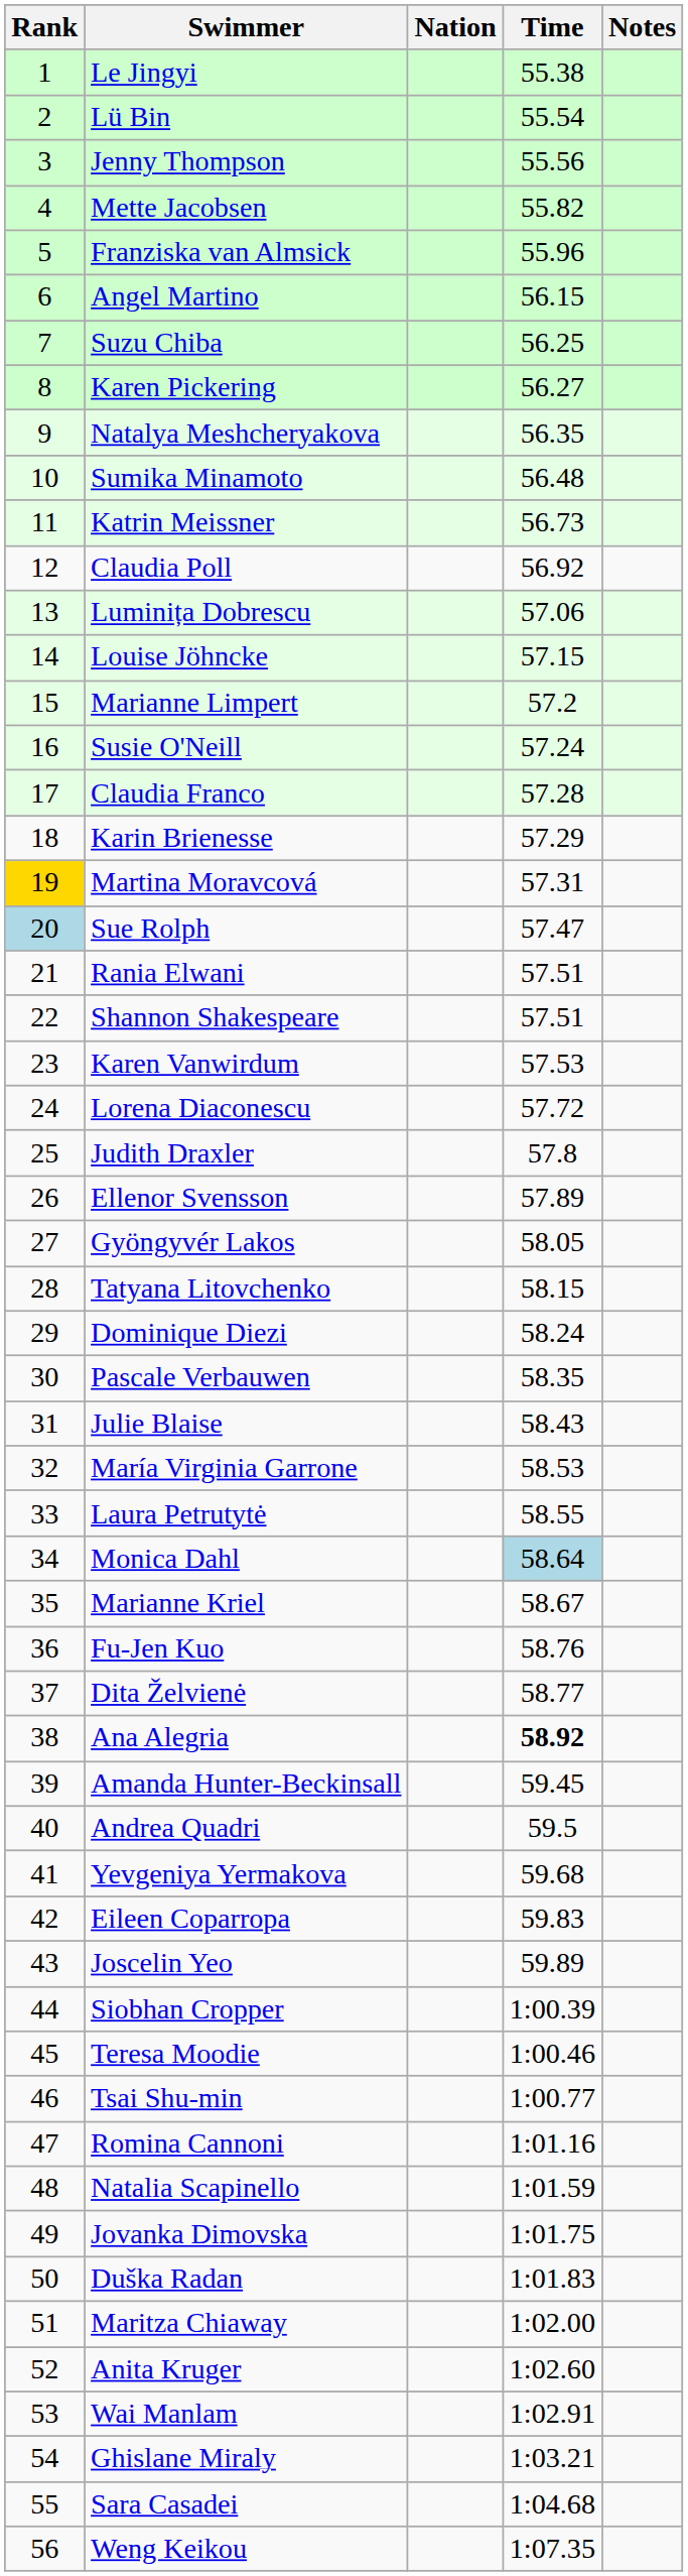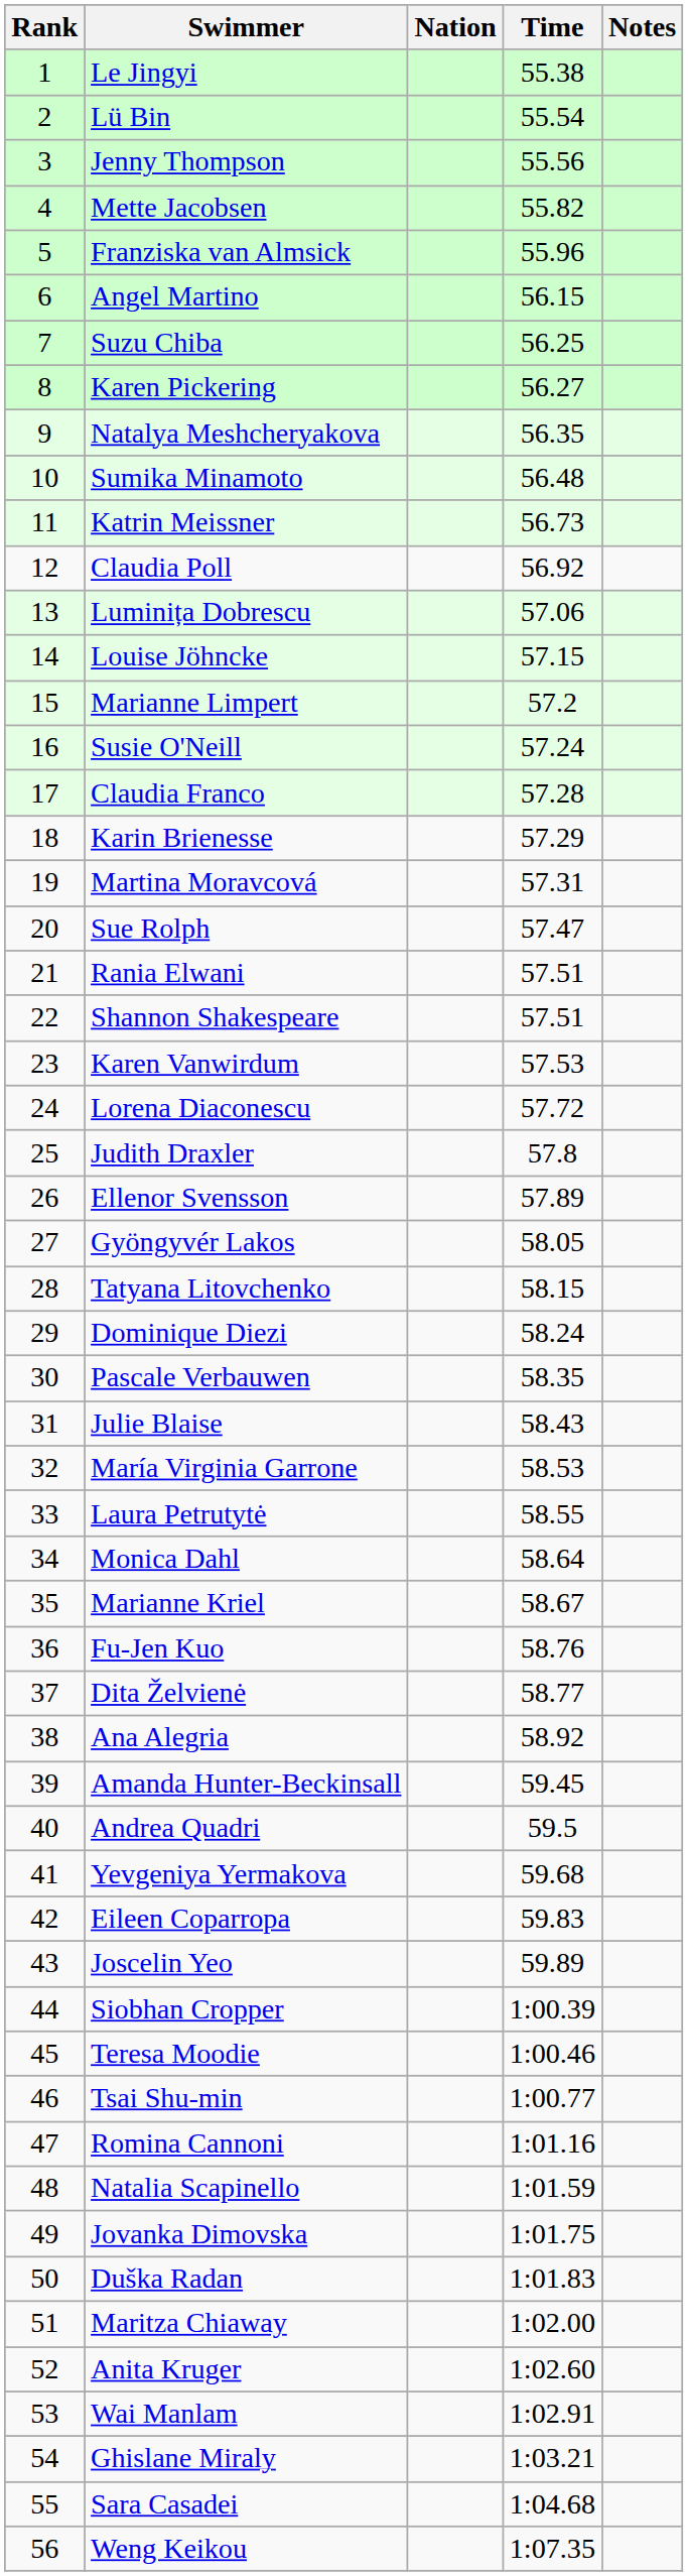 <table class="wikitable sortable" style="text-align:center">
 <tr>
 <th>Rank</th>
 <th>Swimmer</th>
 <th>Nation</th>
 <th>Time</th>
 <th>Notes</th>
 </tr>
 <tr bgcolor=ccffcc>
 <td>1</td>
 <td align=left><a href='#'>Le Jingyi</a></td>
 <td align=left></td>
 <td>55.38</td>
 <td></td>
 </tr>
 <tr bgcolor=ccffcc>
 <td>2</td>
 <td align=left><a href='#'>Lü Bin</a></td>
 <td align=left></td>
 <td>55.54</td>
 <td></td>
 </tr>
 <tr bgcolor=ccffcc>
 <td>3</td>
 <td align=left><a href='#'>Jenny Thompson</a></td>
 <td align=left></td>
 <td>55.56</td>
 <td></td>
 </tr>
 <tr bgcolor=ccffcc>
 <td>4</td>
 <td align=left><a href='#'>Mette Jacobsen</a></td>
 <td align=left></td>
 <td>55.82</td>
 <td></td>
 </tr>
 <tr bgcolor=ccffcc>
 <td>5</td>
 <td align=left><a href='#'>Franziska van Almsick</a></td>
 <td align=left></td>
 <td>55.96</td>
 <td></td>
 </tr>
 <tr bgcolor=ccffcc>
 <td>6</td>
 <td align=left><a href='#'>Angel Martino</a></td>
 <td align=left></td>
 <td>56.15</td>
 <td></td>
 </tr>
 <tr bgcolor=ccffcc>
 <td>7</td>
 <td align=left><a href='#'>Suzu Chiba</a></td>
 <td align=left></td>
 <td>56.25</td>
 <td></td>
 </tr>
 <tr bgcolor=ccffcc>
 <td>8</td>
 <td align=left><a href='#'>Karen Pickering</a></td>
 <td align=left></td>
 <td>56.27</td>
 <td></td>
 </tr>
 <tr bgcolor=e5ffe5>
 <td>9</td>
 <td align=left><a href='#'>Natalya Meshcheryakova</a></td>
 <td align=left></td>
 <td>56.35</td>
 <td></td>
 </tr>
 <tr bgcolor=e5ffe5>
 <td>10</td>
 <td align=left><a href='#'>Sumika Minamoto</a></td>
 <td align=left></td>
 <td>56.48</td>
 <td></td>
 </tr>
 <tr bgcolor=e5ffe5>
 <td>11</td>
 <td align=left><a href='#'>Katrin Meissner</a></td>
 <td align=left></td>
 <td>56.73</td>
 <td></td>
 </tr>
 <tr>
 <td>12</td>
 <td align=left><a href='#'>Claudia Poll</a></td>
 <td align=left></td>
 <td>56.92</td>
 <td></td>
 </tr>
 <tr bgcolor=e5ffe5>
 <td>13</td>
 <td align=left><a href='#'>Luminița Dobrescu</a></td>
 <td align=left></td>
 <td>57.06</td>
 <td></td>
 </tr>
 <tr bgcolor=e5ffe5>
 <td>14</td>
 <td align=left><a href='#'>Louise Jöhncke</a></td>
 <td align=left></td>
 <td>57.15</td>
 <td></td>
 </tr>
 <tr bgcolor=e5ffe5>
 <td>15</td>
 <td align=left><a href='#'>Marianne Limpert</a></td>
 <td align=left></td>
 <td>57.2</td>
 <td></td>
 </tr>
 <tr bgcolor=e5ffe5>
 <td>16</td>
 <td align=left><a href='#'>Susie O'Neill</a></td>
 <td align=left></td>
 <td>57.24</td>
 <td></td>
 </tr>
 <tr bgcolor=e5ffe5>
 <td>17</td>
 <td align=left><a href='#'>Claudia Franco</a></td>
 <td align=left></td>
 <td>57.28</td>
 <td></td>
 </tr>
 <tr>
 <td>18</td>
 <td align=left><a href='#'>Karin Brienesse</a></td>
 <td align=left></td>
 <td>57.29</td>
 <td></td>
 </tr>
 <tr>
-<td style="background: gold;">19</td>
+<td>19</td>
 <td align=left><a href='#'>Martina Moravcová</a></td>
 <td align=left></td>
 <td>57.31</td>
 <td></td>
 </tr>
 <tr>
-<td style="background: lightblue;">20</td>
+<td>20</td>
 <td align=left><a href='#'>Sue Rolph</a></td>
 <td align=left></td>
 <td>57.47</td>
 <td></td>
 </tr>
 <tr>
 <td>21</td>
 <td align=left><a href='#'>Rania Elwani</a></td>
 <td align=left></td>
 <td>57.51</td>
 <td></td>
 </tr>
 <tr>
 <td>22</td>
 <td align=left><a href='#'>Shannon Shakespeare</a></td>
 <td align=left></td>
 <td>57.51</td>
 <td></td>
 </tr>
 <tr>
 <td>23</td>
 <td align=left><a href='#'>Karen Vanwirdum</a></td>
 <td align=left></td>
 <td>57.53</td>
 <td></td>
 </tr>
 <tr>
 <td>24</td>
 <td align=left><a href='#'>Lorena Diaconescu</a></td>
 <td align=left></td>
 <td>57.72</td>
 <td></td>
 </tr>
 <tr>
 <td>25</td>
 <td align=left><a href='#'>Judith Draxler</a></td>
 <td align=left></td>
 <td>57.8</td>
 <td></td>
 </tr>
 <tr>
 <td>26</td>
 <td align=left><a href='#'>Ellenor Svensson</a></td>
 <td align=left></td>
 <td>57.89</td>
 <td></td>
 </tr>
 <tr>
 <td>27</td>
 <td align=left><a href='#'>Gyöngyvér Lakos</a></td>
 <td align=left></td>
 <td>58.05</td>
 <td></td>
 </tr>
 <tr>
 <td>28</td>
 <td align=left><a href='#'>Tatyana Litovchenko</a></td>
 <td align=left></td>
 <td>58.15</td>
 <td></td>
 </tr>
 <tr>
 <td>29</td>
 <td align=left><a href='#'>Dominique Diezi</a></td>
 <td align=left></td>
 <td>58.24</td>
 <td></td>
 </tr>
 <tr>
 <td>30</td>
 <td align=left><a href='#'>Pascale Verbauwen</a></td>
 <td align=left></td>
 <td>58.35</td>
 <td></td>
 </tr>
 <tr>
 <td>31</td>
 <td align=left><a href='#'>Julie Blaise</a></td>
 <td align=left></td>
 <td>58.43</td>
 <td></td>
 </tr>
 <tr>
 <td>32</td>
 <td align=left><a href='#'>María Virginia Garrone</a></td>
 <td align=left></td>
 <td>58.53</td>
 <td></td>
 </tr>
 <tr>
 <td>33</td>
 <td align=left><a href='#'>Laura Petrutytė</a></td>
 <td align=left></td>
 <td>58.55</td>
 <td></td>
 </tr>
 <tr>
 <td>34</td>
 <td align=left><a href='#'>Monica Dahl</a></td>
 <td align=left></td>
-<td style="background: lightblue;">58.64</td>
+<td>58.64</td>
 <td></td>
 </tr>
 <tr>
 <td>35</td>
 <td align=left><a href='#'>Marianne Kriel</a></td>
 <td align=left></td>
 <td>58.67</td>
 <td></td>
 </tr>
 <tr>
 <td>36</td>
 <td align=left><a href='#'>Fu-Jen Kuo</a></td>
 <td align=left></td>
 <td>58.76</td>
 <td></td>
 </tr>
 <tr>
 <td>37</td>
 <td align=left><a href='#'>Dita Želvienė</a></td>
 <td align=left></td>
 <td>58.77</td>
 <td></td>
 </tr>
 <tr>
 <td>38</td>
 <td align=left><a href='#'>Ana Alegria</a></td>
 <td align=left></td>
-<td><strong>58.92</strong></td>
+<td>58.92</td>
 <td></td>
 </tr>
 <tr>
 <td>39</td>
 <td align=left><a href='#'>Amanda Hunter-Beckinsall</a></td>
 <td align=left></td>
 <td>59.45</td>
 <td></td>
 </tr>
 <tr>
 <td>40</td>
 <td align=left><a href='#'>Andrea Quadri</a></td>
 <td align=left></td>
 <td>59.5</td>
 <td></td>
 </tr>
 <tr>
 <td>41</td>
 <td align=left><a href='#'>Yevgeniya Yermakova</a></td>
 <td align=left></td>
 <td>59.68</td>
 <td></td>
 </tr>
 <tr>
 <td>42</td>
 <td align=left><a href='#'>Eileen Coparropa</a></td>
 <td align=left></td>
 <td>59.83</td>
 <td></td>
 </tr>
 <tr>
 <td>43</td>
 <td align=left><a href='#'>Joscelin Yeo</a></td>
 <td align=left></td>
 <td>59.89</td>
 <td></td>
 </tr>
 <tr>
 <td>44</td>
 <td align=left><a href='#'>Siobhan Cropper</a></td>
 <td align=left></td>
 <td>1:00.39</td>
 <td></td>
 </tr>
 <tr>
 <td>45</td>
 <td align=left><a href='#'>Teresa Moodie</a></td>
 <td align=left></td>
 <td>1:00.46</td>
 <td></td>
 </tr>
 <tr>
 <td>46</td>
 <td align=left><a href='#'>Tsai Shu-min</a></td>
 <td align=left></td>
 <td>1:00.77</td>
 <td></td>
 </tr>
 <tr>
 <td>47</td>
 <td align=left><a href='#'>Romina Cannoni</a></td>
 <td align=left></td>
 <td>1:01.16</td>
 <td></td>
 </tr>
 <tr>
 <td>48</td>
 <td align=left><a href='#'>Natalia Scapinello</a></td>
 <td align=left></td>
 <td>1:01.59</td>
 <td></td>
 </tr>
 <tr>
 <td>49</td>
 <td align=left><a href='#'>Jovanka Dimovska</a></td>
 <td align=left></td>
 <td>1:01.75</td>
 <td></td>
 </tr>
 <tr>
 <td>50</td>
 <td align=left><a href='#'>Duška Radan</a></td>
 <td align=left></td>
 <td>1:01.83</td>
 <td></td>
 </tr>
 <tr>
 <td>51</td>
 <td align=left><a href='#'>Maritza Chiaway</a></td>
 <td align=left></td>
 <td>1:02.00</td>
 <td></td>
 </tr>
 <tr>
 <td>52</td>
 <td align=left><a href='#'>Anita Kruger</a></td>
 <td align=left></td>
 <td>1:02.60</td>
 <td></td>
 </tr>
 <tr>
 <td>53</td>
 <td align=left><a href='#'>Wai Manlam</a></td>
 <td align=left></td>
 <td>1:02.91</td>
 <td></td>
 </tr>
 <tr>
 <td>54</td>
 <td align=left><a href='#'>Ghislane Miraly</a></td>
 <td align=left></td>
 <td>1:03.21</td>
 <td></td>
 </tr>
 <tr>
 <td>55</td>
 <td align=left><a href='#'>Sara Casadei</a></td>
 <td align=left></td>
 <td>1:04.68</td>
 <td></td>
 </tr>
 <tr>
 <td>56</td>
 <td align=left><a href='#'>Weng Keikou</a></td>
 <td align=left></td>
 <td>1:07.35</td>
 <td></td>
 </tr>
 </table>
